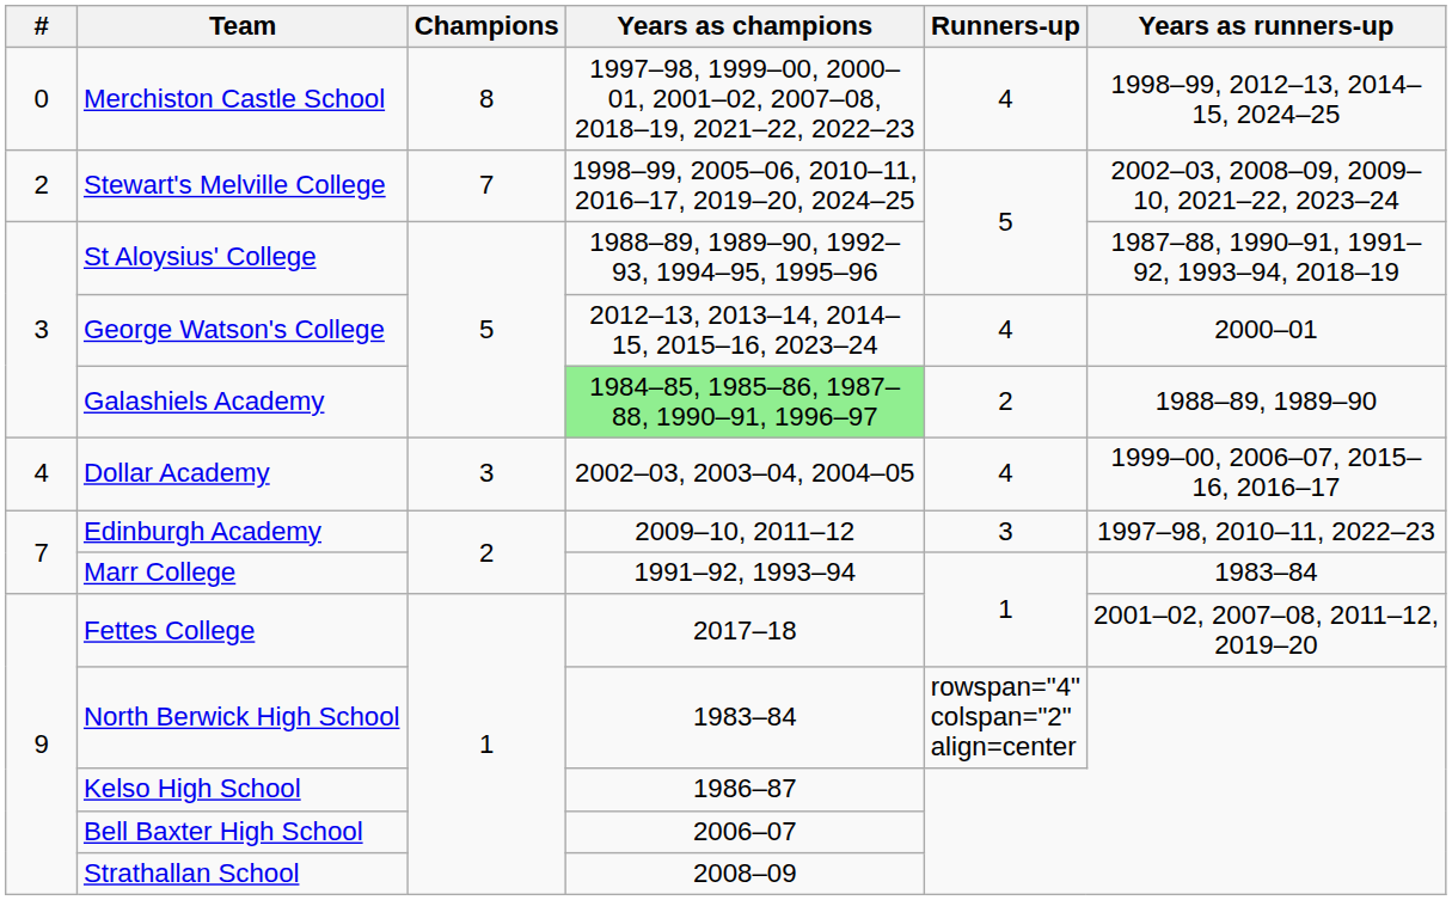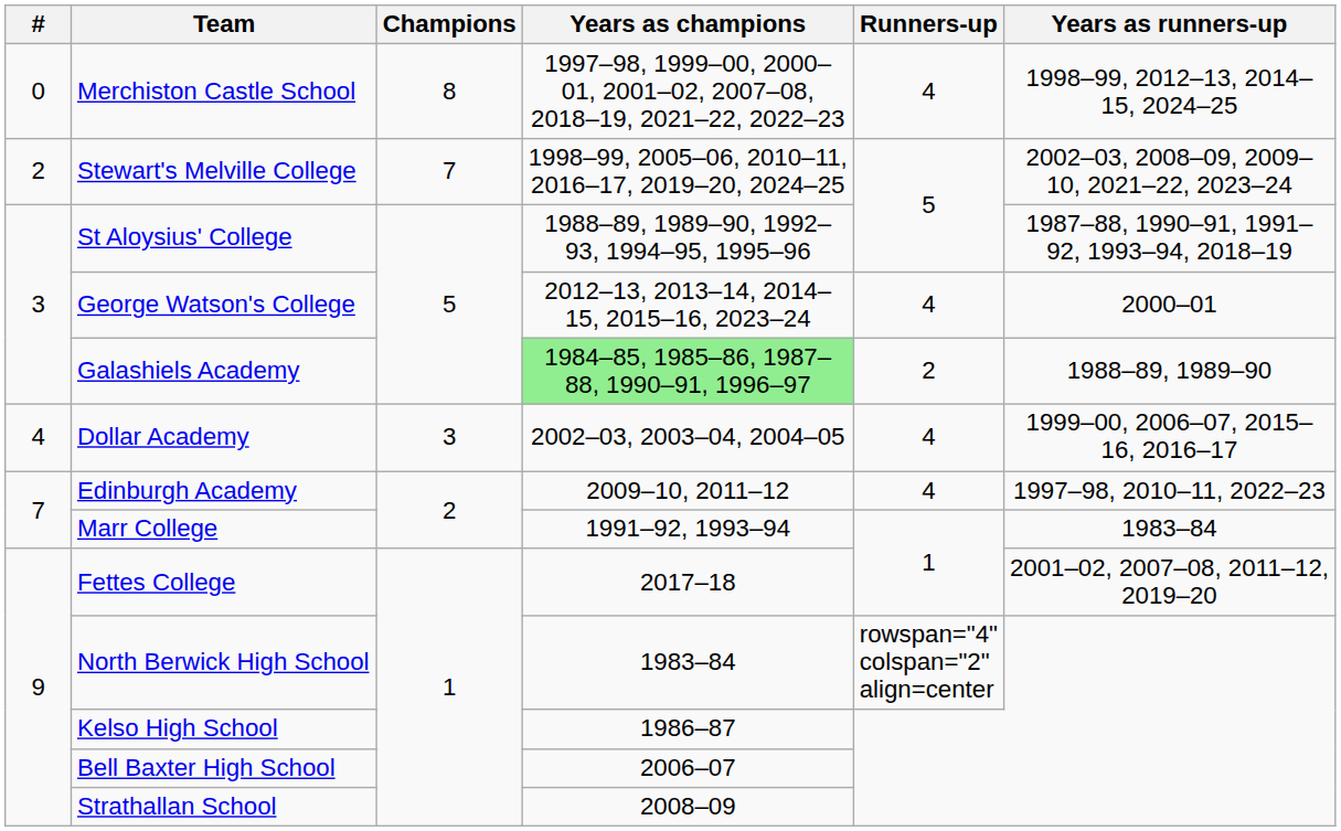 <table class="wikitable" style="margin:left; text-align: left;">
 <tr>
 <th style="text-align:center; width:5%;">#</th>
 <th style="text-align:center; width:23%;">Team</th>
 <th style="text-align:center; width:8%;">Champions</th>
 <th style="text-align:center; width:25%;">Years as champions</th>
 <th style="text-align:center; width:8%;">Runners-up</th>
 <th style="text-align:center; width:25%;">Years as runners-up</th>
 </tr>
 <tr>
 <td align=center>0</td>
 <td><a href='#'>Merchiston Castle School</a></td>
 <td align=center>8</td>
 <td align=center>1997–98, 1999–00, 2000–01, 2001–02, 2007–08, 2018–19, 2021–22, 2022–23</td>
 <td align=center>4</td>
 <td align=center>1998–99, 2012–13, 2014–15, 2024–25</td>
 </tr>
 <tr>
 <td align=center>2</td>
 <td><a href='#'>Stewart's Melville College</a></td>
 <td align=center>7</td>
 <td align=center>1998–99, 2005–06, 2010–11, 2016–17, 2019–20, 2024–25</td>
 <td rowspan="2" align=center>5</td>
 <td align=center>2002–03, 2008–09, 2009–10, 2021–22, 2023–24</td>
 </tr>
 <tr>
 <td rowspan="3" align=center>3</td>
 <td><a href='#'>St Aloysius' College</a></td>
 <td rowspan="3" align=center>5</td>
 <td align=center>1988–89, 1989–90, 1992–93, 1994–95, 1995–96</td>
 <td align=center>1987–88, 1990–91, 1991–92, 1993–94, 2018–19</td>
 </tr>
 <tr>
 <td><a href='#'>George Watson's College</a></td>
 <td align=center>2012–13, 2013–14, 2014–15, 2015–16, 2023–24</td>
 <td align=center>4</td>
 <td align=center>2000–01</td>
 </tr>
 <tr>
 <td><a href='#'>Galashiels Academy</a></td>
 <td align=center style="background: lightgreen;">1984–85, 1985–86, 1987–88, 1990–91, 1996–97</td>
 <td align=center>2</td>
 <td align=center>1988–89, 1989–90</td>
 </tr>
 <tr>
 <td align=center>4</td>
 <td><a href='#'>Dollar Academy</a></td>
 <td align=center>3</td>
 <td align=center>2002–03, 2003–04, 2004–05</td>
 <td align=center>4</td>
 <td align=center>1999–00, 2006–07, 2015–16, 2016–17</td>
 </tr>
 <tr>
 <td rowspan="2" align=center>7</td>
 <td><a href='#'>Edinburgh Academy</a></td>
 <td rowspan="2" align=center>2</td>
 <td align=center>2009–10, 2011–12</td>
-<td align=center>3</td>
+<td align=center>4</td>
 <td align=center>1997–98, 2010–11, 2022–23</td>
 </tr>
 <tr>
 <td><a href='#'>Marr College</a></td>
 <td align=center>1991–92, 1993–94</td>
 <td rowspan="2" align=center>1</td>
 <td align=center>1983–84</td>
 </tr>
 <tr>
 <td rowspan="5" align=center>9</td>
 <td><a href='#'>Fettes College</a></td>
 <td rowspan="5" align=center>1</td>
 <td align=center>2017–18</td>
 <td align=center>2001–02, 2007–08, 2011–12, 2019–20</td>
 </tr>
 <tr>
 <td><a href='#'>North Berwick High School</a></td>
 <td align=center>1983–84</td>
 <td>rowspan="4" colspan="2" align=center </td>
 </tr>
 <tr>
 <td><a href='#'>Kelso High School</a></td>
 <td align=center>1986–87</td>
 </tr>
 <tr>
 <td><a href='#'>Bell Baxter High School</a></td>
 <td align=center>2006–07</td>
 </tr>
 <tr>
 <td><a href='#'>Strathallan School</a></td>
 <td align=center>2008–09</td>
 </tr>
 </table>
